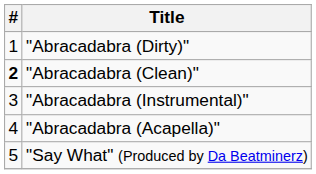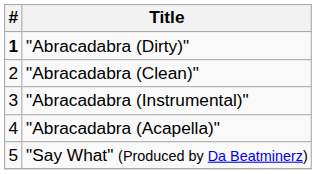 <table class="wikitable">
 <tr>
 <th>#</th>
 <th>Title</th>
 </tr>
 <tr>
-<td>1</td>
+<td><strong>1</strong></td>
 <td>"Abracadabra (Dirty)"</td>
 </tr>
 <tr>
-<td><strong>2</strong></td>
+<td>2</td>
 <td>"Abracadabra (Clean)"</td>
 </tr>
 <tr>
 <td>3</td>
 <td>"Abracadabra (Instrumental)"</td>
 </tr>
 <tr>
 <td>4</td>
 <td>"Abracadabra (Acapella)"</td>
 </tr>
 <tr>
 <td>5</td>
 <td>"Say What" <small>(Produced by <a href='#'>Da Beatminerz</a>)</small></td>
 </tr>
 <tr>
 </tr>
 </table>
